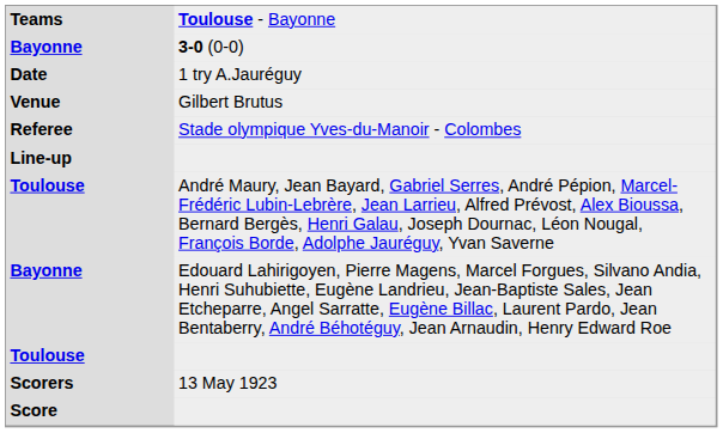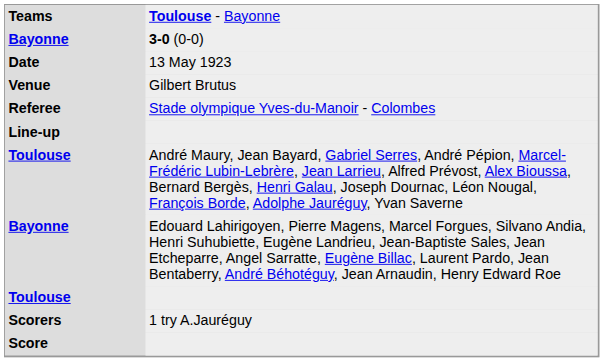 <table align="left" cellpadding="4" cellspacing="0"  style="margin: 0 0 0 0; border: 1px solid #999; border-right-width: 2px; border-bottom-width: 2px; background-color: #DDDDDD">
 <tr>
 <td width="150" valign="top"><strong>Teams</strong></td>
 <td width="500" bgcolor=#EEEEEE><strong><a href='#'>Toulouse</a></strong> - <a href='#'>Bayonne</a></td>
 </tr>
 <tr>
 <td valign="top"><strong><a href='#'>Bayonne</a> </strong></td>
 <td bgcolor=#EEEEEE><strong>3-0</strong> (0-0)</td>
 </tr>
 <tr>
 <td valign="top"><strong>Date</strong></td>
-<td bgcolor=#EEEEEE>1 try A.Jauréguy</td>
+<td bgcolor=#EEEEEE>13 May 1923</td>
 </tr>
 <tr>
 <td valign="top"><strong>Venue</strong></td>
 <td bgcolor=#EEEEEE>Gilbert Brutus</td>
 </tr>
 <tr>
 <td valign="top"><strong>Referee</strong></td>
 <td bgcolor=#EEEEEE><a href='#'>Stade olympique Yves-du-Manoir</a> - <a href='#'>Colombes</a></td>
 </tr>
 <tr>
 <td valign="top"><strong>Line-up</strong></td>
 <td bgcolor=#EEEEEE></td>
 </tr>
 <tr>
 <td valign="top"><strong><a href='#'>Toulouse</a> </strong></td>
 <td bgcolor=#EEEEEE>André Maury, Jean Bayard, <a href='#'>Gabriel Serres</a>, André Pépion, <a href='#'>Marcel-Frédéric Lubin-Lebrère</a>, <a href='#'>Jean Larrieu</a>, Alfred Prévost, <a href='#'>Alex Bioussa</a>, Bernard Bergès, <a href='#'>Henri Galau</a>, Joseph Dournac, Léon Nougal, <a href='#'>François Borde</a>, <a href='#'>Adolphe Jauréguy</a>, Yvan Saverne</td>
 </tr>
 <tr>
 <td valign="top"><strong><a href='#'>Bayonne</a></strong></td>
 <td bgcolor=#EEEEEE>Edouard Lahirigoyen, Pierre Magens, Marcel Forgues, Silvano Andia, Henri Suhubiette, Eugène Landrieu, Jean-Baptiste Sales, Jean Etcheparre, Angel Sarratte, <a href='#'>Eugène Billac</a>, Laurent Pardo, Jean Bentaberry, <a href='#'>André Béhotéguy</a>, Jean Arnaudin, Henry Edward Roe</td>
 </tr>
 <tr>
 <td valign="top"><strong><a href='#'>Toulouse</a>  </strong></td>
 <td bgcolor=#EEEEEE></td>
 </tr>
 <tr>
 <td valign="top"><strong>Scorers</strong></td>
-<td bgcolor=#EEEEEE>13 May 1923</td>
+<td bgcolor=#EEEEEE>1 try A.Jauréguy</td>
 </tr>
 <tr>
 <td valign="top"><strong>Score</strong></td>
 <td bgcolor=#EEEEEE></td>
 </tr>
 </table>
